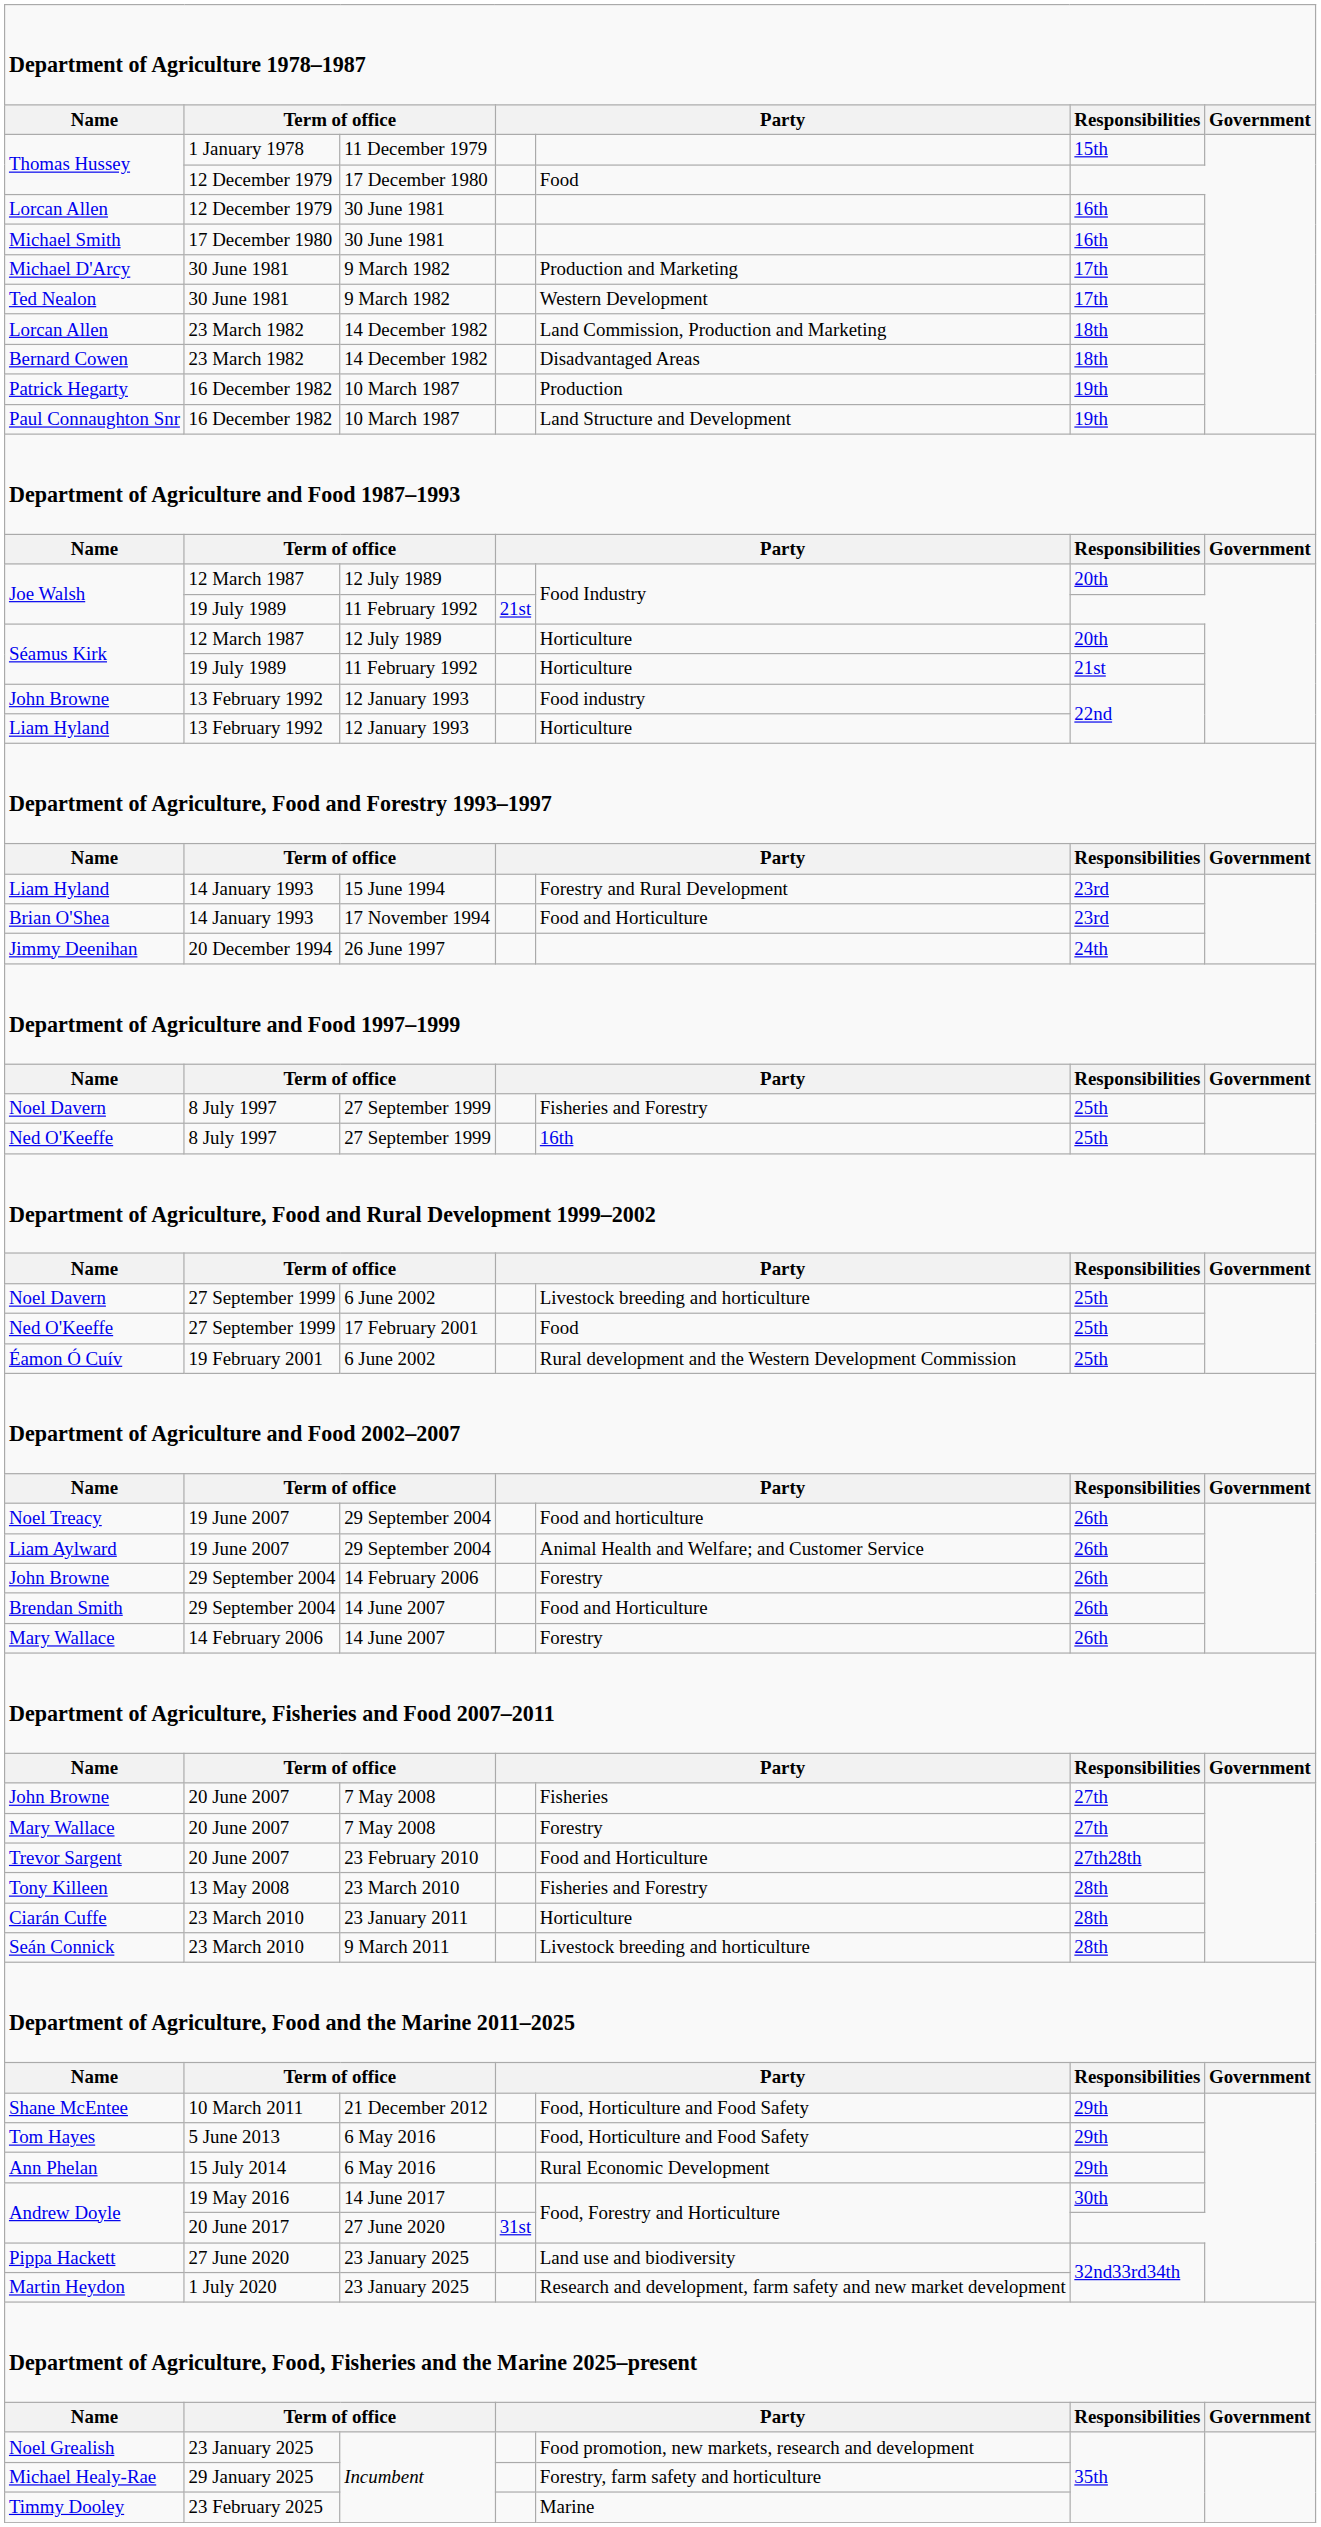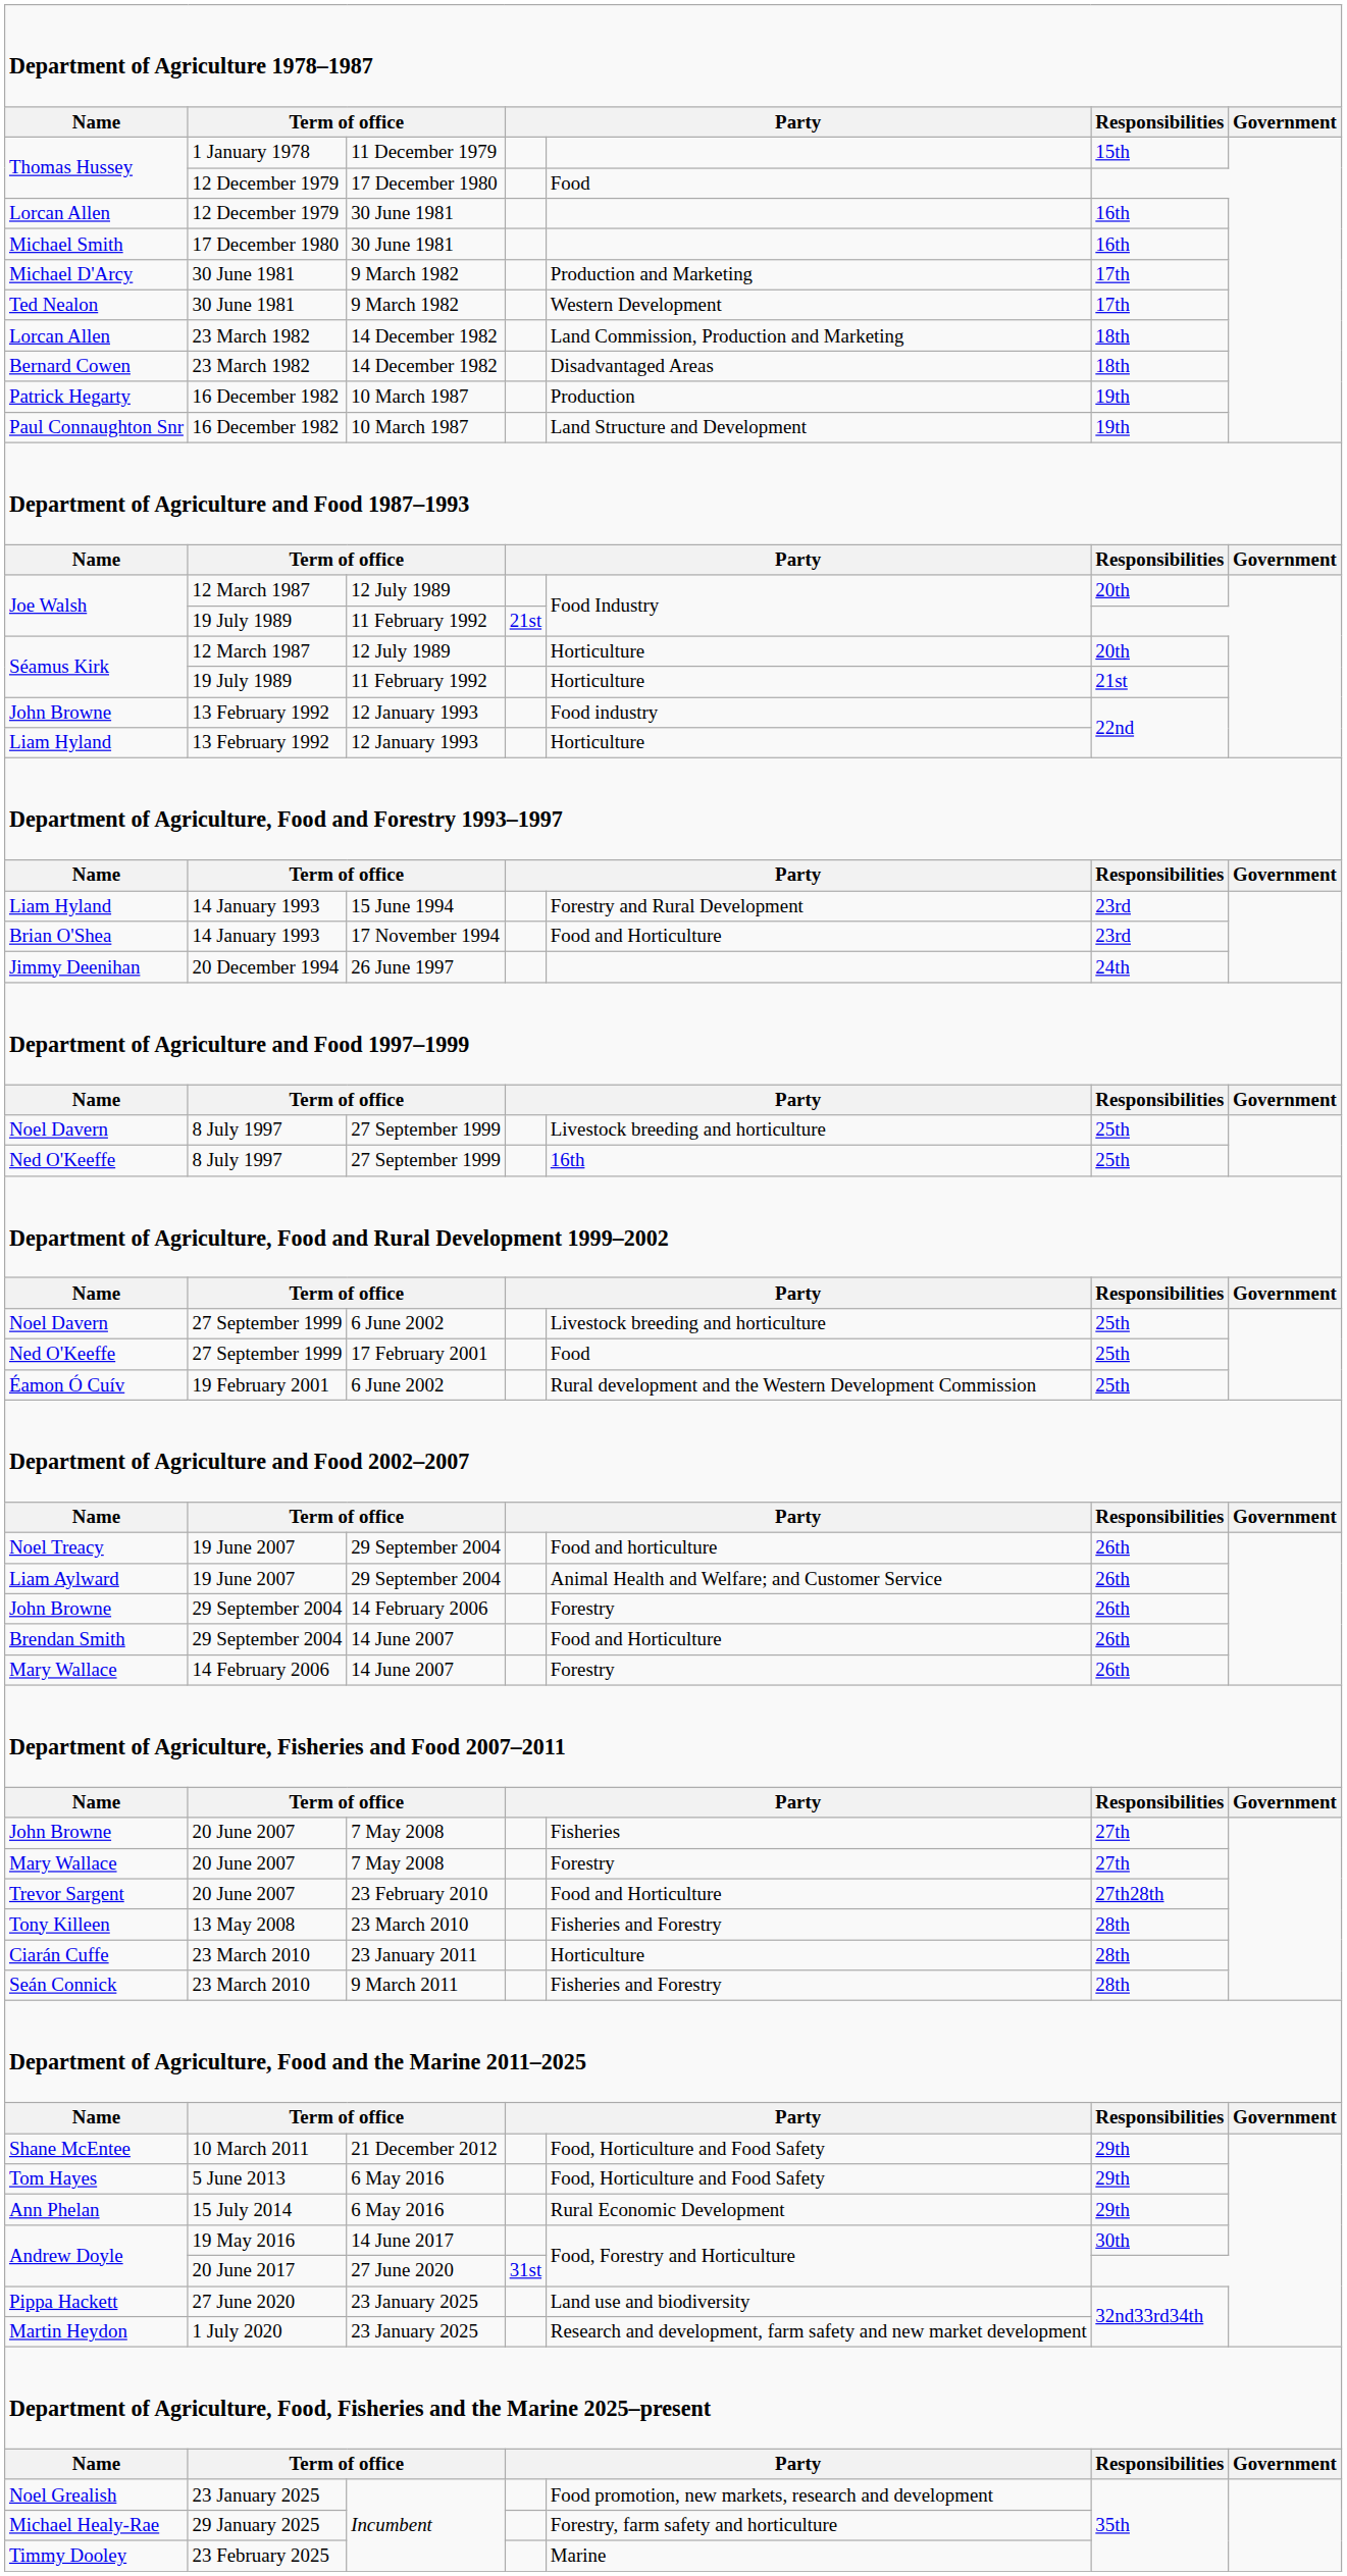 <table class="wikitable">
 <tr>
 <td colspan="7"><br><h3>Department of Agriculture 1978–1987</h3></td>
 </tr>
 <tr>
 <th>Name</th>
 <th colspan="2">Term of office</th>
 <th colspan="2">Party</th>
 <th>Responsibilities</th>
 <th>Government</th>
 </tr>
 <tr>
 <td rowspan=2><a href='#'>Thomas Hussey</a></td>
 <td>1 January 1978</td>
 <td>11 December 1979</td>
 <td></td>
 <td></td>
 <td><a href='#'>15th</a></td>
 </tr>
 <tr>
 <td>12 December 1979</td>
 <td>17 December 1980</td>
 <td></td>
 <td>Food</td>
 </tr>
 <tr>
 <td><a href='#'>Lorcan Allen</a></td>
 <td>12 December 1979</td>
 <td>30 June 1981</td>
 <td></td>
 <td></td>
 <td><a href='#'>16th</a></td>
 </tr>
 <tr>
 <td><a href='#'>Michael Smith</a></td>
 <td>17 December 1980</td>
 <td>30 June 1981</td>
 <td></td>
 <td></td>
 <td><a href='#'>16th</a></td>
 </tr>
 <tr>
 <td><a href='#'>Michael D'Arcy</a></td>
 <td>30 June 1981</td>
 <td>9 March 1982</td>
 <td></td>
 <td>Production and Marketing</td>
 <td><a href='#'>17th</a></td>
 </tr>
 <tr>
 <td><a href='#'>Ted Nealon</a></td>
 <td>30 June 1981</td>
 <td>9 March 1982</td>
 <td></td>
 <td>Western Development</td>
 <td><a href='#'>17th</a></td>
 </tr>
 <tr>
 <td><a href='#'>Lorcan Allen</a></td>
 <td>23 March 1982</td>
 <td>14 December 1982</td>
 <td></td>
 <td>Land Commission, Production and Marketing</td>
 <td><a href='#'>18th</a></td>
 </tr>
 <tr>
 <td><a href='#'>Bernard Cowen</a></td>
 <td>23 March 1982</td>
 <td>14 December 1982</td>
 <td></td>
 <td>Disadvantaged Areas</td>
 <td><a href='#'>18th</a></td>
 </tr>
 <tr>
 <td><a href='#'>Patrick Hegarty</a></td>
 <td>16 December 1982</td>
 <td>10 March 1987</td>
 <td></td>
 <td>Production</td>
 <td><a href='#'>19th</a></td>
 </tr>
 <tr>
 <td><a href='#'>Paul Connaughton Snr</a></td>
 <td>16 December 1982</td>
 <td>10 March 1987</td>
 <td></td>
 <td>Land Structure and Development</td>
 <td><a href='#'>19th</a></td>
 </tr>
 <tr>
 <td colspan="7"><br><h3>Department of Agriculture and Food 1987–1993</h3></td>
 </tr>
 <tr>
 <th>Name</th>
 <th colspan="2">Term of office</th>
 <th colspan="2">Party</th>
 <th>Responsibilities</th>
 <th>Government</th>
 </tr>
 <tr>
 <td rowspan=2><a href='#'>Joe Walsh</a></td>
 <td>12 March 1987</td>
 <td>12 July 1989</td>
 <td></td>
 <td rowspan=2>Food Industry</td>
 <td><a href='#'>20th</a></td>
 </tr>
 <tr>
 <td>19 July 1989</td>
 <td>11 February 1992</td>
 <td><a href='#'>21st</a></td>
 </tr>
 <tr>
 <td rowspan=2><a href='#'>Séamus Kirk</a></td>
 <td>12 March 1987</td>
 <td>12 July 1989</td>
 <td></td>
 <td>Horticulture</td>
 <td><a href='#'>20th</a></td>
 </tr>
 <tr>
 <td>19 July 1989</td>
 <td>11 February 1992</td>
 <td></td>
 <td>Horticulture</td>
 <td><a href='#'>21st</a></td>
 </tr>
 <tr>
 <td><a href='#'>John Browne</a></td>
 <td>13 February 1992</td>
 <td>12 January 1993</td>
 <td></td>
 <td>Food industry</td>
 <td rowspan=2><a href='#'>22nd</a></td>
 </tr>
 <tr>
 <td><a href='#'>Liam Hyland</a></td>
 <td>13 February 1992</td>
 <td>12 January 1993</td>
 <td></td>
 <td>Horticulture</td>
 </tr>
 <tr>
 <td colspan="7"><br><h3>Department of Agriculture, Food and Forestry 1993–1997</h3></td>
 </tr>
 <tr>
 <th>Name</th>
 <th colspan="2">Term of office</th>
 <th colspan="2">Party</th>
 <th>Responsibilities</th>
 <th>Government</th>
 </tr>
 <tr>
 <td><a href='#'>Liam Hyland</a></td>
 <td>14 January 1993</td>
 <td>15 June 1994</td>
 <td></td>
 <td>Forestry and Rural Development</td>
 <td><a href='#'>23rd</a></td>
 </tr>
 <tr>
 <td><a href='#'>Brian O'Shea</a></td>
 <td>14 January 1993</td>
 <td>17 November 1994</td>
 <td></td>
 <td>Food and Horticulture</td>
 <td><a href='#'>23rd</a></td>
 </tr>
 <tr>
 <td><a href='#'>Jimmy Deenihan</a></td>
 <td>20 December 1994</td>
 <td>26 June 1997</td>
 <td></td>
 <td></td>
 <td><a href='#'>24th</a></td>
 </tr>
 <tr>
 <td colspan="7"><br><h3>Department of Agriculture and Food 1997–1999</h3></td>
 </tr>
 <tr>
 <th>Name</th>
 <th colspan="2">Term of office</th>
 <th colspan="2">Party</th>
 <th>Responsibilities</th>
 <th>Government</th>
 </tr>
 <tr>
 <td><a href='#'>Noel Davern</a></td>
 <td>8 July 1997</td>
 <td>27 September 1999</td>
 <td></td>
-<td>Fisheries and Forestry</td>
+<td>Livestock breeding and horticulture</td>
 <td><a href='#'>25th</a></td>
 </tr>
 <tr>
 <td><a href='#'>Ned O'Keeffe</a></td>
 <td>8 July 1997</td>
 <td>27 September 1999</td>
 <td></td>
 <td><a href='#'>16th</a></td>
 <td><a href='#'>25th</a></td>
 </tr>
 <tr>
 <td colspan="7"><br><h3>Department of Agriculture, Food and Rural Development 1999–2002</h3></td>
 </tr>
 <tr>
 <th>Name</th>
 <th colspan="2">Term of office</th>
 <th colspan="2">Party</th>
 <th>Responsibilities</th>
 <th>Government</th>
 </tr>
 <tr>
 <td><a href='#'>Noel Davern</a></td>
 <td>27 September 1999</td>
 <td>6 June 2002</td>
 <td></td>
 <td>Livestock breeding and horticulture</td>
 <td><a href='#'>25th</a></td>
 </tr>
 <tr>
 <td><a href='#'>Ned O'Keeffe</a></td>
 <td>27 September 1999</td>
 <td>17 February 2001</td>
 <td></td>
 <td>Food</td>
 <td><a href='#'>25th</a></td>
 </tr>
 <tr>
 <td><a href='#'>Éamon Ó Cuív</a></td>
 <td>19 February 2001</td>
 <td>6 June 2002</td>
 <td></td>
 <td>Rural development and the Western Development Commission</td>
 <td><a href='#'>25th</a></td>
 </tr>
 <tr>
 <td colspan="7"><br><h3>Department of Agriculture and Food 2002–2007</h3></td>
 </tr>
 <tr>
 <th>Name</th>
 <th colspan="2">Term of office</th>
 <th colspan="2">Party</th>
 <th>Responsibilities</th>
 <th>Government</th>
 </tr>
 <tr>
 <td><a href='#'>Noel Treacy</a></td>
 <td>19 June 2007</td>
 <td>29 September 2004</td>
 <td></td>
 <td>Food and horticulture</td>
 <td><a href='#'>26th</a></td>
 </tr>
 <tr>
 <td><a href='#'>Liam Aylward</a></td>
 <td>19 June 2007</td>
 <td>29 September 2004</td>
 <td></td>
 <td>Animal Health and Welfare; and Customer Service</td>
 <td><a href='#'>26th</a></td>
 </tr>
 <tr>
 <td><a href='#'>John Browne</a></td>
 <td>29 September 2004</td>
 <td>14 February 2006</td>
 <td></td>
 <td>Forestry</td>
 <td><a href='#'>26th</a></td>
 </tr>
 <tr>
 <td><a href='#'>Brendan Smith</a></td>
 <td>29 September 2004</td>
 <td>14 June 2007</td>
 <td></td>
 <td>Food and Horticulture</td>
 <td><a href='#'>26th</a></td>
 </tr>
 <tr>
 <td><a href='#'>Mary Wallace</a></td>
 <td>14 February 2006</td>
 <td>14 June 2007</td>
 <td></td>
 <td>Forestry</td>
 <td><a href='#'>26th</a></td>
 </tr>
 <tr>
 <td colspan="7"><br><h3>Department of Agriculture, Fisheries and Food 2007–2011</h3></td>
 </tr>
 <tr>
 <th>Name</th>
 <th colspan="2">Term of office</th>
 <th colspan="2">Party</th>
 <th>Responsibilities</th>
 <th>Government</th>
 </tr>
 <tr>
 <td><a href='#'>John Browne</a></td>
 <td>20 June 2007</td>
 <td>7 May 2008</td>
 <td></td>
 <td>Fisheries</td>
 <td><a href='#'>27th</a></td>
 </tr>
 <tr>
 <td><a href='#'>Mary Wallace</a></td>
 <td>20 June 2007</td>
 <td>7 May 2008</td>
 <td></td>
 <td>Forestry</td>
 <td><a href='#'>27th</a></td>
 </tr>
 <tr>
 <td><a href='#'>Trevor Sargent</a></td>
 <td>20 June 2007</td>
 <td>23 February 2010</td>
 <td></td>
 <td>Food and Horticulture</td>
 <td><a href='#'>27th</a><a href='#'>28th</a></td>
 </tr>
 <tr>
 <td><a href='#'>Tony Killeen</a></td>
 <td>13 May 2008</td>
 <td>23 March 2010</td>
 <td></td>
 <td>Fisheries and Forestry</td>
 <td><a href='#'>28th</a></td>
 </tr>
 <tr>
 <td><a href='#'>Ciarán Cuffe</a></td>
 <td>23 March 2010</td>
 <td>23 January 2011</td>
 <td></td>
 <td>Horticulture</td>
 <td><a href='#'>28th</a></td>
 </tr>
 <tr>
 <td><a href='#'>Seán Connick</a></td>
 <td>23 March 2010</td>
 <td>9 March 2011</td>
 <td></td>
-<td>Livestock breeding and horticulture</td>
+<td>Fisheries and Forestry</td>
 <td><a href='#'>28th</a></td>
 </tr>
 <tr>
 <td colspan="7"><br><h3>Department of Agriculture, Food and the Marine 2011–2025</h3></td>
 </tr>
 <tr>
 <th>Name</th>
 <th colspan="2">Term of office</th>
 <th colspan="2">Party</th>
 <th>Responsibilities</th>
 <th>Government</th>
 </tr>
 <tr>
 <td><a href='#'>Shane McEntee</a></td>
 <td>10 March 2011</td>
 <td>21 December 2012</td>
 <td></td>
 <td>Food, Horticulture and Food Safety</td>
 <td><a href='#'>29th</a></td>
 </tr>
 <tr>
 <td><a href='#'>Tom Hayes</a></td>
 <td>5 June 2013</td>
 <td>6 May 2016</td>
 <td></td>
 <td>Food, Horticulture and Food Safety</td>
 <td><a href='#'>29th</a></td>
 </tr>
 <tr>
 <td><a href='#'>Ann Phelan</a></td>
 <td>15 July 2014</td>
 <td>6 May 2016</td>
 <td></td>
 <td>Rural Economic Development</td>
 <td><a href='#'>29th</a></td>
 </tr>
 <tr>
 <td rowspan=2><a href='#'>Andrew Doyle</a></td>
 <td>19 May 2016</td>
 <td>14 June 2017</td>
 <td></td>
 <td rowspan=2>Food, Forestry and Horticulture</td>
 <td><a href='#'>30th</a></td>
 </tr>
 <tr>
 <td>20 June 2017</td>
 <td>27 June 2020</td>
 <td><a href='#'>31st</a></td>
 </tr>
 <tr>
 <td><a href='#'>Pippa Hackett</a></td>
 <td>27 June 2020</td>
 <td>23 January 2025</td>
 <td></td>
 <td>Land use and biodiversity</td>
 <td rowspan=2><a href='#'>32nd</a><a href='#'>33rd</a><a href='#'>34th</a></td>
 </tr>
 <tr>
 <td><a href='#'>Martin Heydon</a></td>
 <td>1 July 2020</td>
 <td>23 January 2025</td>
 <td></td>
 <td>Research and development, farm safety and new market development</td>
 </tr>
 <tr>
 <td colspan="7"><br><h3>Department of Agriculture, Food, Fisheries and the Marine 2025–present</h3></td>
 </tr>
 <tr>
 <th>Name</th>
 <th colspan="2">Term of office</th>
 <th colspan="2">Party</th>
 <th>Responsibilities</th>
 <th>Government</th>
 </tr>
 <tr>
 <td><a href='#'>Noel Grealish</a></td>
 <td>23 January 2025</td>
 <td rowspan=3><em>Incumbent</em></td>
 <td></td>
 <td>Food promotion, new markets, research and development</td>
 <td rowspan=3><a href='#'>35th</a></td>
 </tr>
 <tr>
 <td><a href='#'>Michael Healy-Rae</a></td>
 <td>29 January 2025</td>
 <td></td>
 <td>Forestry, farm safety and horticulture</td>
 </tr>
 <tr>
 <td><a href='#'>Timmy Dooley</a></td>
 <td>23 February 2025</td>
 <td></td>
 <td>Marine</td>
 </tr>
 </table>
